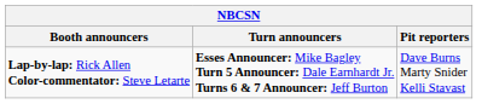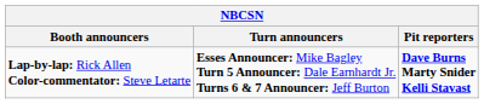 <table class="wikitable" style="font-size: 95%">
 <tr>
 <th colspan="3"><a href='#'>NBCSN</a></th>
 </tr>
 <tr>
 <th>Booth announcers</th>
 <th>Turn announcers</th>
 <th>Pit reporters</th>
 </tr>
 <tr>
 <td><strong>Lap-by-lap:</strong> <a href='#'>Rick Allen</a><br><strong>Color-commentator:</strong> <a href='#'>Steve Letarte</a></td>
 <td><strong>Esses Announcer:</strong> <a href='#'>Mike Bagley</a><br><strong>Turn 5 Announcer:</strong> <a href='#'>Dale Earnhardt Jr.</a><br><strong>Turns 6 & 7 Announcer:</strong> <a href='#'>Jeff Burton</a></td>
-<td><a href='#'>Dave Burns</a><br>Marty Snider<br><a href='#'>Kelli Stavast</a></td>
+<td><strong><a href='#'>Dave Burns</a><br>Marty Snider<br><a href='#'>Kelli Stavast</a></strong></td>
 </tr>
 </table>
